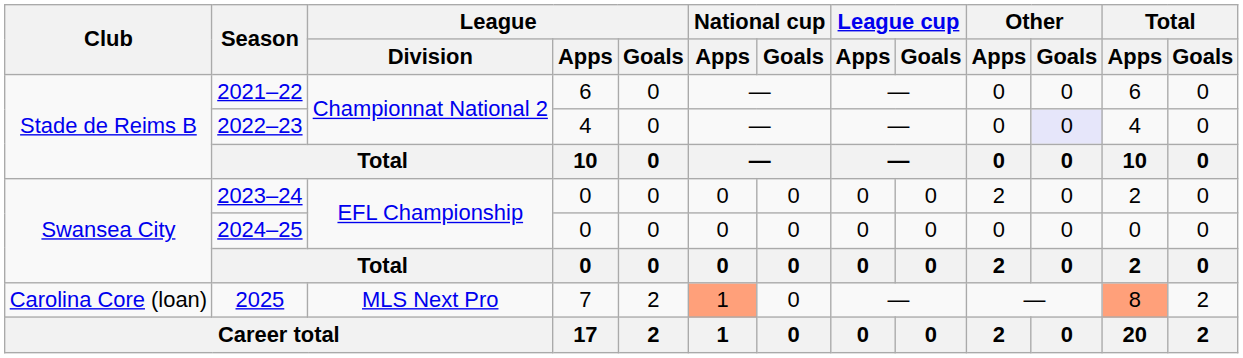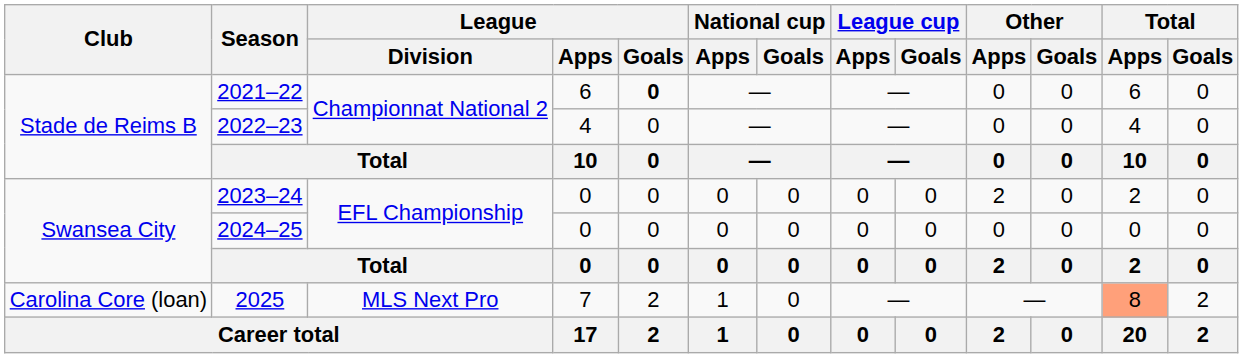 <table class="wikitable" style="text-align:center">
 <tr>
 <th rowspan=2>Club</th>
 <th rowspan=2>Season</th>
 <th colspan=3>League</th>
 <th colspan=2>National cup</th>
 <th colspan=2><a href='#'>League cup</a></th>
 <th colspan=2>Other</th>
 <th colspan=2>Total</th>
 </tr>
 <tr>
 <th>Division</th>
 <th>Apps</th>
 <th>Goals</th>
 <th>Apps</th>
 <th>Goals</th>
 <th>Apps</th>
 <th>Goals</th>
 <th>Apps</th>
 <th>Goals</th>
 <th>Apps</th>
 <th>Goals</th>
 </tr>
 <tr>
 <td rowspan="3"><a href='#'>Stade de Reims B</a></td>
 <td><a href='#'>2021–22</a></td>
 <td rowspan="2"><a href='#'>Championnat National 2</a></td>
 <td>6</td>
-<td>0</td>
+<td><strong>0</strong></td>
 <td colspan=2>—</td>
 <td colspan=2>—</td>
 <td>0</td>
 <td>0</td>
 <td>6</td>
 <td>0</td>
 </tr>
 <tr>
 <td><a href='#'>2022–23</a></td>
 <td>4</td>
 <td>0</td>
 <td colspan=2>—</td>
 <td colspan=2>—</td>
 <td>0</td>
-<td style="background: lavender;">0</td>
+<td>0</td>
 <td>4</td>
 <td>0</td>
 </tr>
 <tr>
 <th colspan="2">Total</th>
 <th>10</th>
 <th>0</th>
 <th colspan="2">—</th>
 <th colspan="2">—</th>
 <th>0</th>
 <th>0</th>
 <th>10</th>
 <th>0</th>
 </tr>
 <tr>
 <td rowspan="3"><a href='#'>Swansea City</a></td>
 <td><a href='#'>2023–24</a></td>
 <td rowspan="2"><a href='#'>EFL Championship</a></td>
 <td>0</td>
 <td>0</td>
 <td>0</td>
 <td>0</td>
 <td>0</td>
 <td>0</td>
 <td>2</td>
 <td>0</td>
 <td>2</td>
 <td>0</td>
 </tr>
 <tr>
 <td><a href='#'>2024–25</a></td>
 <td>0</td>
 <td>0</td>
 <td>0</td>
 <td>0</td>
 <td>0</td>
 <td>0</td>
 <td>0</td>
 <td>0</td>
 <td>0</td>
 <td>0</td>
 </tr>
 <tr>
 <th colspan="2">Total</th>
 <th>0</th>
 <th>0</th>
 <th>0</th>
 <th>0</th>
 <th>0</th>
 <th>0</th>
 <th>2</th>
 <th>0</th>
 <th>2</th>
 <th>0</th>
 </tr>
 <tr>
 <td><a href='#'>Carolina Core</a> (loan)</td>
 <td><a href='#'>2025</a></td>
 <td><a href='#'>MLS Next Pro</a></td>
 <td>7</td>
 <td>2</td>
-<td style="background: lightsalmon;">1</td>
+<td>1</td>
 <td>0</td>
 <td colspan="2">—</td>
 <td colspan="2">—</td>
 <td style="background: lightsalmon;">8</td>
 <td>2</td>
 </tr>
 <tr>
 <th colspan=3>Career total</th>
 <th>17</th>
 <th>2</th>
 <th>1</th>
 <th>0</th>
 <th>0</th>
 <th>0</th>
 <th>2</th>
 <th>0</th>
 <th>20</th>
 <th>2</th>
 </tr>
 </table>
